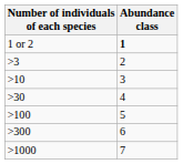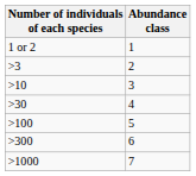 <table class="wikitable">
 <tr>
 <th>Number of individuals<br>of each species</th>
 <th>Abundance<br>class</th>
 </tr>
 <tr>
 <td>1 or 2</td>
-<td><strong>1</strong></td>
+<td>1</td>
 </tr>
 <tr>
 <td>>3</td>
 <td>2</td>
 </tr>
 <tr>
 <td>>10</td>
 <td>3</td>
 </tr>
 <tr>
 <td>>30</td>
 <td>4</td>
 </tr>
 <tr>
 <td>>100</td>
 <td>5</td>
 </tr>
 <tr>
 <td>>300</td>
 <td>6</td>
 </tr>
 <tr>
 <td>>1000</td>
 <td>7</td>
 </tr>
 </table>
